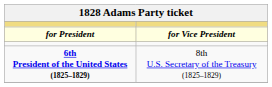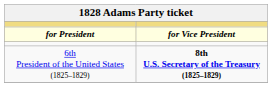 <table class="wikitable" style="font-size:90%; text-align:center;">
 <tr>
 <td style="background:#f1f1f1;" colspan="30"><big><strong>1828 Adams Party ticket</strong></big></td>
 </tr>
 <tr>
 <th style="width:3em; font-size:135%; background:#F0DC82; width:200px;"><a href='#'></a></th>
 <th style="width:3em; font-size:135%; background:#F0DC82; width:200px;"><a href='#'></a></th>
 </tr>
 <tr style="color:#000000; font-size:100%; background:#F0DC82;">
 <td style="width:3em; font-size:100%; color:#000; background:lightyellow; width:200px;"><strong><em>for President</em></strong></td>
 <td style="width:3em; font-size:100%; color:#000; background:lightyellow; width:200px;"><strong><em>for Vice President</em></strong></td>
 </tr>
 <tr>
 <td></td>
 <td></td>
 </tr>
 <tr>
-<td><strong><a href='#'>6th</a><br><a href='#'>President of the United States</a><br><small>(1825–1829)</small></strong></td>
-<td>8th<br><a href='#'>U.S. Secretary of the Treasury</a><br><small>(1825–1829)</small></td>
+<td><a href='#'>6th</a><br><a href='#'>President of the United States</a><br><small>(1825–1829)</small></td>
+<td><strong>8th<br><a href='#'>U.S. Secretary of the Treasury</a><br><small>(1825–1829)</small></strong></td>
 </tr>
 <tr>
 </tr>
 </table>
